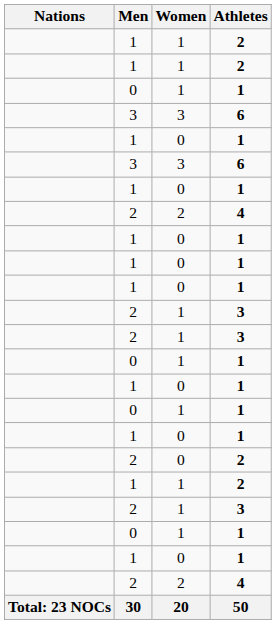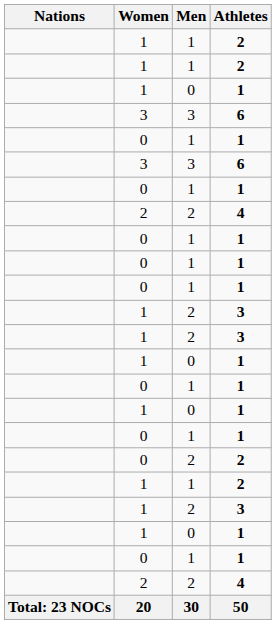 <table class="wikitable sortable" style="text-align:center;">
 <tr>
 <th>Nations</th>
+<th>Women</th>
 <th>Men</th>
-<th>Women</th>
 <th>Athletes</th>
 </tr>
 <tr>
 <td align="left"></td>
 <td>1</td>
 <td>1</td>
 <td><strong>2</strong></td>
 </tr>
 <tr>
 <td align="left"></td>
 <td>1</td>
 <td>1</td>
 <td><strong>2</strong></td>
 </tr>
 <tr>
 <td align="left"></td>
+<td>1</td>
+<td>0</td>
+<td><strong>1</strong></td>
+</tr>
+<tr>
+<td align="left"></td>
+<td>3</td>
+<td>3</td>
+<td><strong>6</strong></td>
+</tr>
+<tr>
+<td align="left"></td>
 <td>0</td>
 <td>1</td>
 <td><strong>1</strong></td>
 </tr>
 <tr>
 <td align="left"></td>
 <td>3</td>
 <td>3</td>
 <td><strong>6</strong></td>
 </tr>
 <tr>
 <td align="left"></td>
+<td>0</td>
 <td>1</td>
-<td>0</td>
-<td><strong>1</strong></td>
-</tr>
-<tr>
-<td align="left"></td>
-<td>3</td>
-<td>3</td>
-<td><strong>6</strong></td>
-</tr>
-<tr>
-<td align="left"></td>
-<td>1</td>
-<td>0</td>
 <td><strong>1</strong></td>
 </tr>
 <tr>
 <td align="left"></td>
 <td>2</td>
 <td>2</td>
 <td><strong>4</strong></td>
 </tr>
 <tr>
 <td align="left"></td>
+<td>0</td>
 <td>1</td>
+<td><strong>1</strong></td>
+</tr>
+<tr>
+<td align="left"></td>
 <td>0</td>
+<td>1</td>
 <td><strong>1</strong></td>
+</tr>
+<tr>
+<td align="left"></td>
+<td>0</td>
+<td>1</td>
+<td><strong>1</strong></td>
+</tr>
+<tr>
+<td align="left"></td>
+<td>1</td>
+<td>2</td>
+<td><strong>3</strong></td>
+</tr>
+<tr>
+<td align="left"></td>
+<td>1</td>
+<td>2</td>
+<td><strong>3</strong></td>
 </tr>
 <tr>
 <td align="left"></td>
 <td>1</td>
 <td>0</td>
 <td><strong>1</strong></td>
-</tr>
-<tr>
-<td align="left"></td>
-<td>1</td>
-<td>0</td>
-<td><strong>1</strong></td>
-</tr>
-<tr>
-<td align="left"></td>
-<td>2</td>
-<td>1</td>
-<td><strong>3</strong></td>
-</tr>
-<tr>
-<td align="left"></td>
-<td>2</td>
-<td>1</td>
-<td><strong>3</strong></td>
 </tr>
 <tr>
 <td align="left"></td>
 <td>0</td>
 <td>1</td>
 <td><strong>1</strong></td>
 </tr>
 <tr>
 <td align="left"></td>
 <td>1</td>
 <td>0</td>
 <td><strong>1</strong></td>
 </tr>
 <tr>
 <td align="left"></td>
 <td>0</td>
 <td>1</td>
 <td><strong>1</strong></td>
 </tr>
 <tr>
 <td align="left"></td>
-<td>1</td>
 <td>0</td>
-<td><strong>1</strong></td>
-</tr>
-<tr>
-<td align="left"></td>
 <td>2</td>
-<td>0</td>
 <td><strong>2</strong></td>
 </tr>
 <tr>
 <td align="left"></td>
 <td>1</td>
 <td>1</td>
 <td><strong>2</strong></td>
 </tr>
 <tr>
 <td align="left"></td>
+<td>1</td>
 <td>2</td>
+<td><strong>3</strong></td>
+</tr>
+<tr>
+<td align="left"></td>
 <td>1</td>
-<td><strong>3</strong></td>
+<td>0</td>
+<td><strong>1</strong></td>
 </tr>
 <tr>
 <td align="left"></td>
 <td>0</td>
 <td>1</td>
-<td><strong>1</strong></td>
-</tr>
-<tr>
-<td align="left"></td>
-<td>1</td>
-<td>0</td>
 <td><strong>1</strong></td>
 </tr>
 <tr>
 <td align="left"></td>
 <td>2</td>
 <td>2</td>
 <td><strong>4</strong></td>
 </tr>
 <tr>
 <th>Total: 23 NOCs</th>
+<th>20</th>
 <th>30</th>
-<th>20</th>
 <th>50</th>
 </tr>
 </table>
